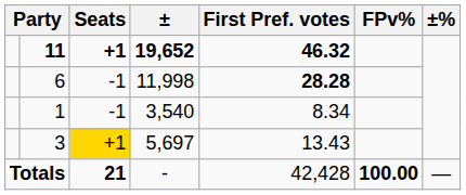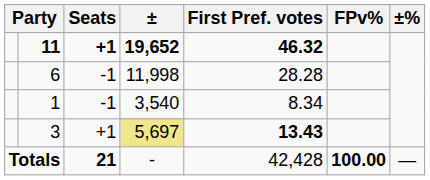 <table class=wikitable>
 <tr>
 <th colspan=2 align=center>Party</th>
 <th valign=top>Seats</th>
 <th valign=top>±</th>
 <th valign=top>First Pref. votes</th>
 <th valign=top>FPv%</th>
 <th valign=top>±%</th>
 </tr>
 <tr>
 <td></td>
 <td align=right><strong>11</strong></td>
 <td align=right><strong>+1</strong></td>
 <td align=right><strong>19,652</strong></td>
 <td align=right><strong>46.32</strong></td>
 <td align=right></td>
 </tr>
 <tr>
 <td></td>
 <td align=right>6</td>
 <td align=right>-1</td>
 <td align=right>11,998</td>
-<td align=right><strong>28.28</strong></td>
+<td align=right>28.28</td>
 <td align=right></td>
 </tr>
 <tr>
 <td></td>
 <td align=right>1</td>
 <td align=right>-1</td>
 <td align=right>3,540</td>
 <td align=right>8.34</td>
 <td align=right></td>
 </tr>
 <tr>
 <td></td>
 <td align=right>3</td>
-<td align=right style="background: gold;">+1</td>
-<td align=right>5,697</td>
-<td align=right>13.43</td>
+<td align=right>+1</td>
+<td align=right style="background: khaki;">5,697</td>
+<td align=right><strong>13.43</strong></td>
 <td align=right></td>
 </tr>
 <tr>
 <td colspan=2 align=center><strong>Totals</strong></td>
 <td align=right><strong>21</strong></td>
 <td align=center>-</td>
 <td align=right>42,428</td>
 <td align=center><strong>100.00</strong></td>
 <td align=center>—</td>
 </tr>
 </table>
